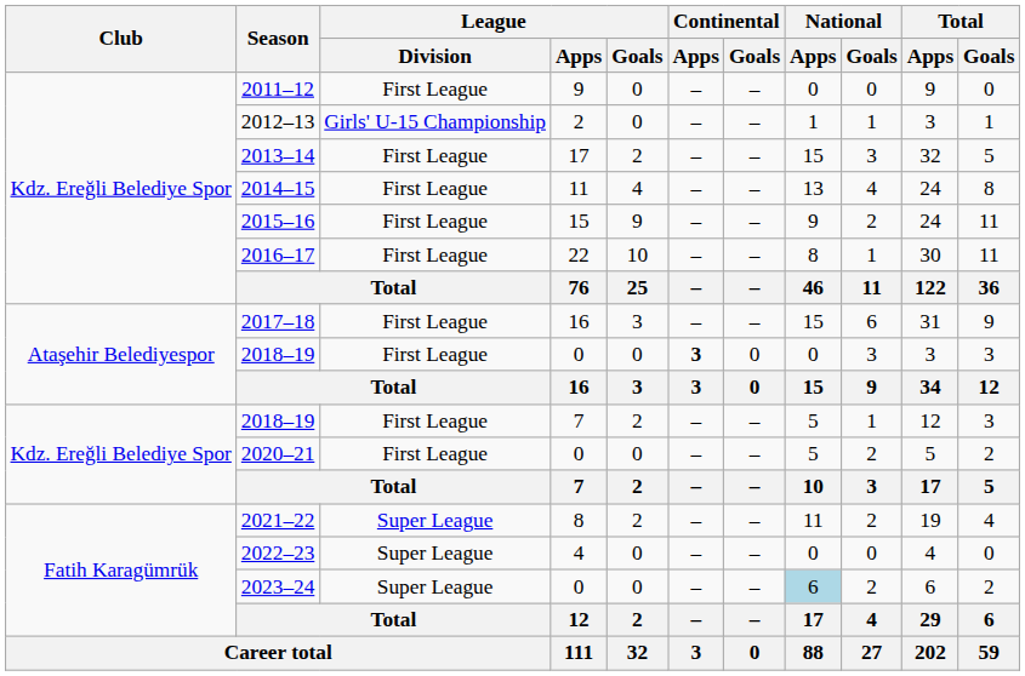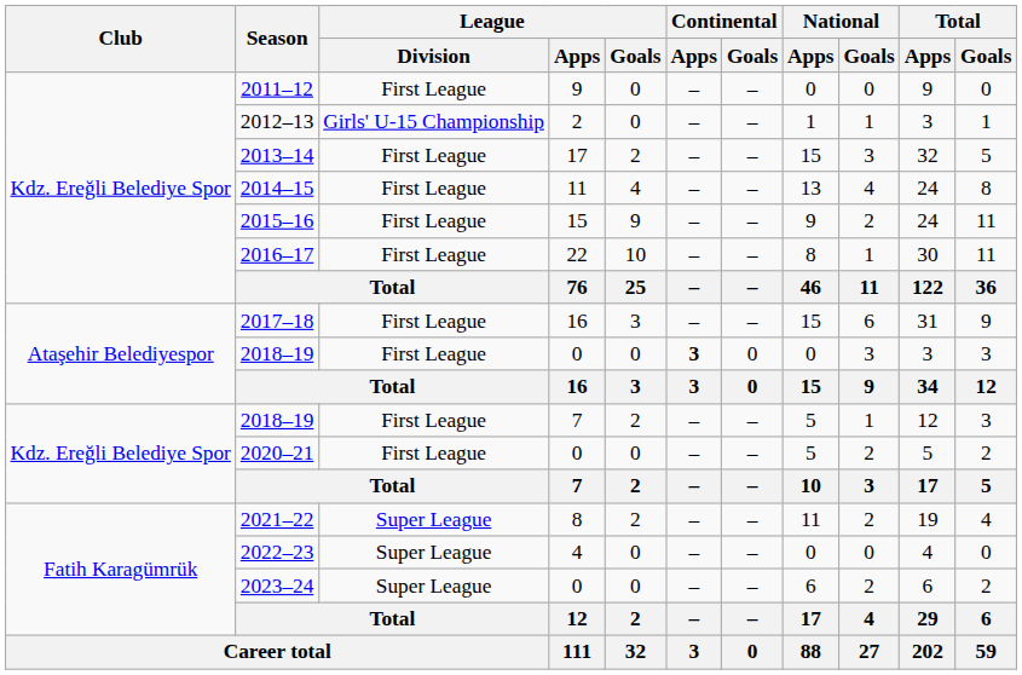 <table class="wikitable" style="text-align: center;">
 <tr>
 <th rowspan=2>Club</th>
 <th rowspan=2>Season</th>
 <th colspan=3>League</th>
 <th colspan=2>Continental</th>
 <th colspan=2>National</th>
 <th colspan=2>Total</th>
 </tr>
 <tr>
 <th>Division</th>
 <th>Apps</th>
 <th>Goals</th>
 <th>Apps</th>
 <th>Goals</th>
 <th>Apps</th>
 <th>Goals</th>
 <th>Apps</th>
 <th>Goals</th>
 </tr>
 <tr>
 <td rowspan=7><a href='#'>Kdz. Ereğli Belediye Spor</a></td>
 <td><a href='#'>2011–12</a></td>
 <td>First League</td>
 <td>9</td>
 <td>0</td>
 <td>–</td>
 <td>–</td>
 <td>0</td>
 <td>0</td>
 <td>9</td>
 <td>0</td>
 </tr>
 <tr>
 <td>2012–13</td>
 <td><a href='#'>Girls' U-15 Championship</a></td>
 <td>2</td>
 <td>0</td>
 <td>–</td>
 <td>–</td>
 <td>1</td>
 <td>1</td>
 <td>3</td>
 <td>1</td>
 </tr>
 <tr>
 <td><a href='#'>2013–14</a></td>
 <td>First League</td>
 <td>17</td>
 <td>2</td>
 <td>–</td>
 <td>–</td>
 <td>15</td>
 <td>3</td>
 <td>32</td>
 <td>5</td>
 </tr>
 <tr>
 <td><a href='#'>2014–15</a></td>
 <td>First League</td>
 <td>11</td>
 <td>4</td>
 <td>–</td>
 <td>–</td>
 <td>13</td>
 <td>4</td>
 <td>24</td>
 <td>8</td>
 </tr>
 <tr>
 <td><a href='#'>2015–16</a></td>
 <td>First League</td>
 <td>15</td>
 <td>9</td>
 <td>–</td>
 <td>–</td>
 <td>9</td>
 <td>2</td>
 <td>24</td>
 <td>11</td>
 </tr>
 <tr>
 <td><a href='#'>2016–17</a></td>
 <td>First League</td>
 <td>22</td>
 <td>10</td>
 <td>–</td>
 <td>–</td>
 <td>8</td>
 <td>1</td>
 <td>30</td>
 <td>11</td>
 </tr>
 <tr>
 <th colspan=2>Total</th>
 <th>76</th>
 <th>25</th>
 <th>–</th>
 <th>–</th>
 <th>46</th>
 <th>11</th>
 <th>122</th>
 <th>36</th>
 </tr>
 <tr>
 <td rowspan=3><a href='#'>Ataşehir Belediyespor</a></td>
 <td><a href='#'>2017–18</a></td>
 <td>First League</td>
 <td>16</td>
 <td>3</td>
 <td>–</td>
 <td>–</td>
 <td>15</td>
 <td>6</td>
 <td>31</td>
 <td>9</td>
 </tr>
 <tr>
 <td><a href='#'>2018–19</a></td>
 <td>First League</td>
 <td>0</td>
 <td>0</td>
 <td><strong>3</strong></td>
 <td>0</td>
 <td>0</td>
 <td>3</td>
 <td>3</td>
 <td>3</td>
 </tr>
 <tr>
 <th colspan=2>Total</th>
 <th>16</th>
 <th>3</th>
 <th>3</th>
 <th>0</th>
 <th>15</th>
 <th>9</th>
 <th>34</th>
 <th>12</th>
 </tr>
 <tr>
 <td rowspan=3><a href='#'>Kdz. Ereğli Belediye Spor</a></td>
 <td><a href='#'>2018–19</a></td>
 <td>First League</td>
 <td>7</td>
 <td>2</td>
 <td>–</td>
 <td>–</td>
 <td>5</td>
 <td>1</td>
 <td>12</td>
 <td>3</td>
 </tr>
 <tr>
 <td><a href='#'>2020–21</a></td>
 <td>First League</td>
 <td>0</td>
 <td>0</td>
 <td>–</td>
 <td>–</td>
 <td>5</td>
 <td>2</td>
 <td>5</td>
 <td>2</td>
 </tr>
 <tr>
 <th colspan=2>Total</th>
 <th>7</th>
 <th>2</th>
 <th>–</th>
 <th>–</th>
 <th>10</th>
 <th>3</th>
 <th>17</th>
 <th>5</th>
 </tr>
 <tr>
 <td rowspan=4><a href='#'>Fatih Karagümrük</a></td>
 <td><a href='#'>2021–22</a></td>
 <td><a href='#'>Super League</a></td>
 <td>8</td>
 <td>2</td>
 <td>–</td>
 <td>–</td>
 <td>11</td>
 <td>2</td>
 <td>19</td>
 <td>4</td>
 </tr>
 <tr>
 <td><a href='#'>2022–23</a></td>
 <td>Super League</td>
 <td>4</td>
 <td>0</td>
 <td>–</td>
 <td>–</td>
 <td>0</td>
 <td>0</td>
 <td>4</td>
 <td>0</td>
 </tr>
 <tr>
 <td><a href='#'>2023–24</a></td>
 <td>Super League</td>
 <td>0</td>
 <td>0</td>
 <td>–</td>
 <td>–</td>
-<td style="background: lightblue;">6</td>
+<td>6</td>
 <td>2</td>
 <td>6</td>
 <td>2</td>
 </tr>
 <tr>
 <th colspan=2>Total</th>
 <th>12</th>
 <th>2</th>
 <th>–</th>
 <th>–</th>
 <th>17</th>
 <th>4</th>
 <th>29</th>
 <th>6</th>
 </tr>
 <tr>
 <th colspan=3>Career total</th>
 <th>111</th>
 <th>32</th>
 <th>3</th>
 <th>0</th>
 <th>88</th>
 <th>27</th>
 <th>202</th>
 <th>59</th>
 </tr>
 </table>
